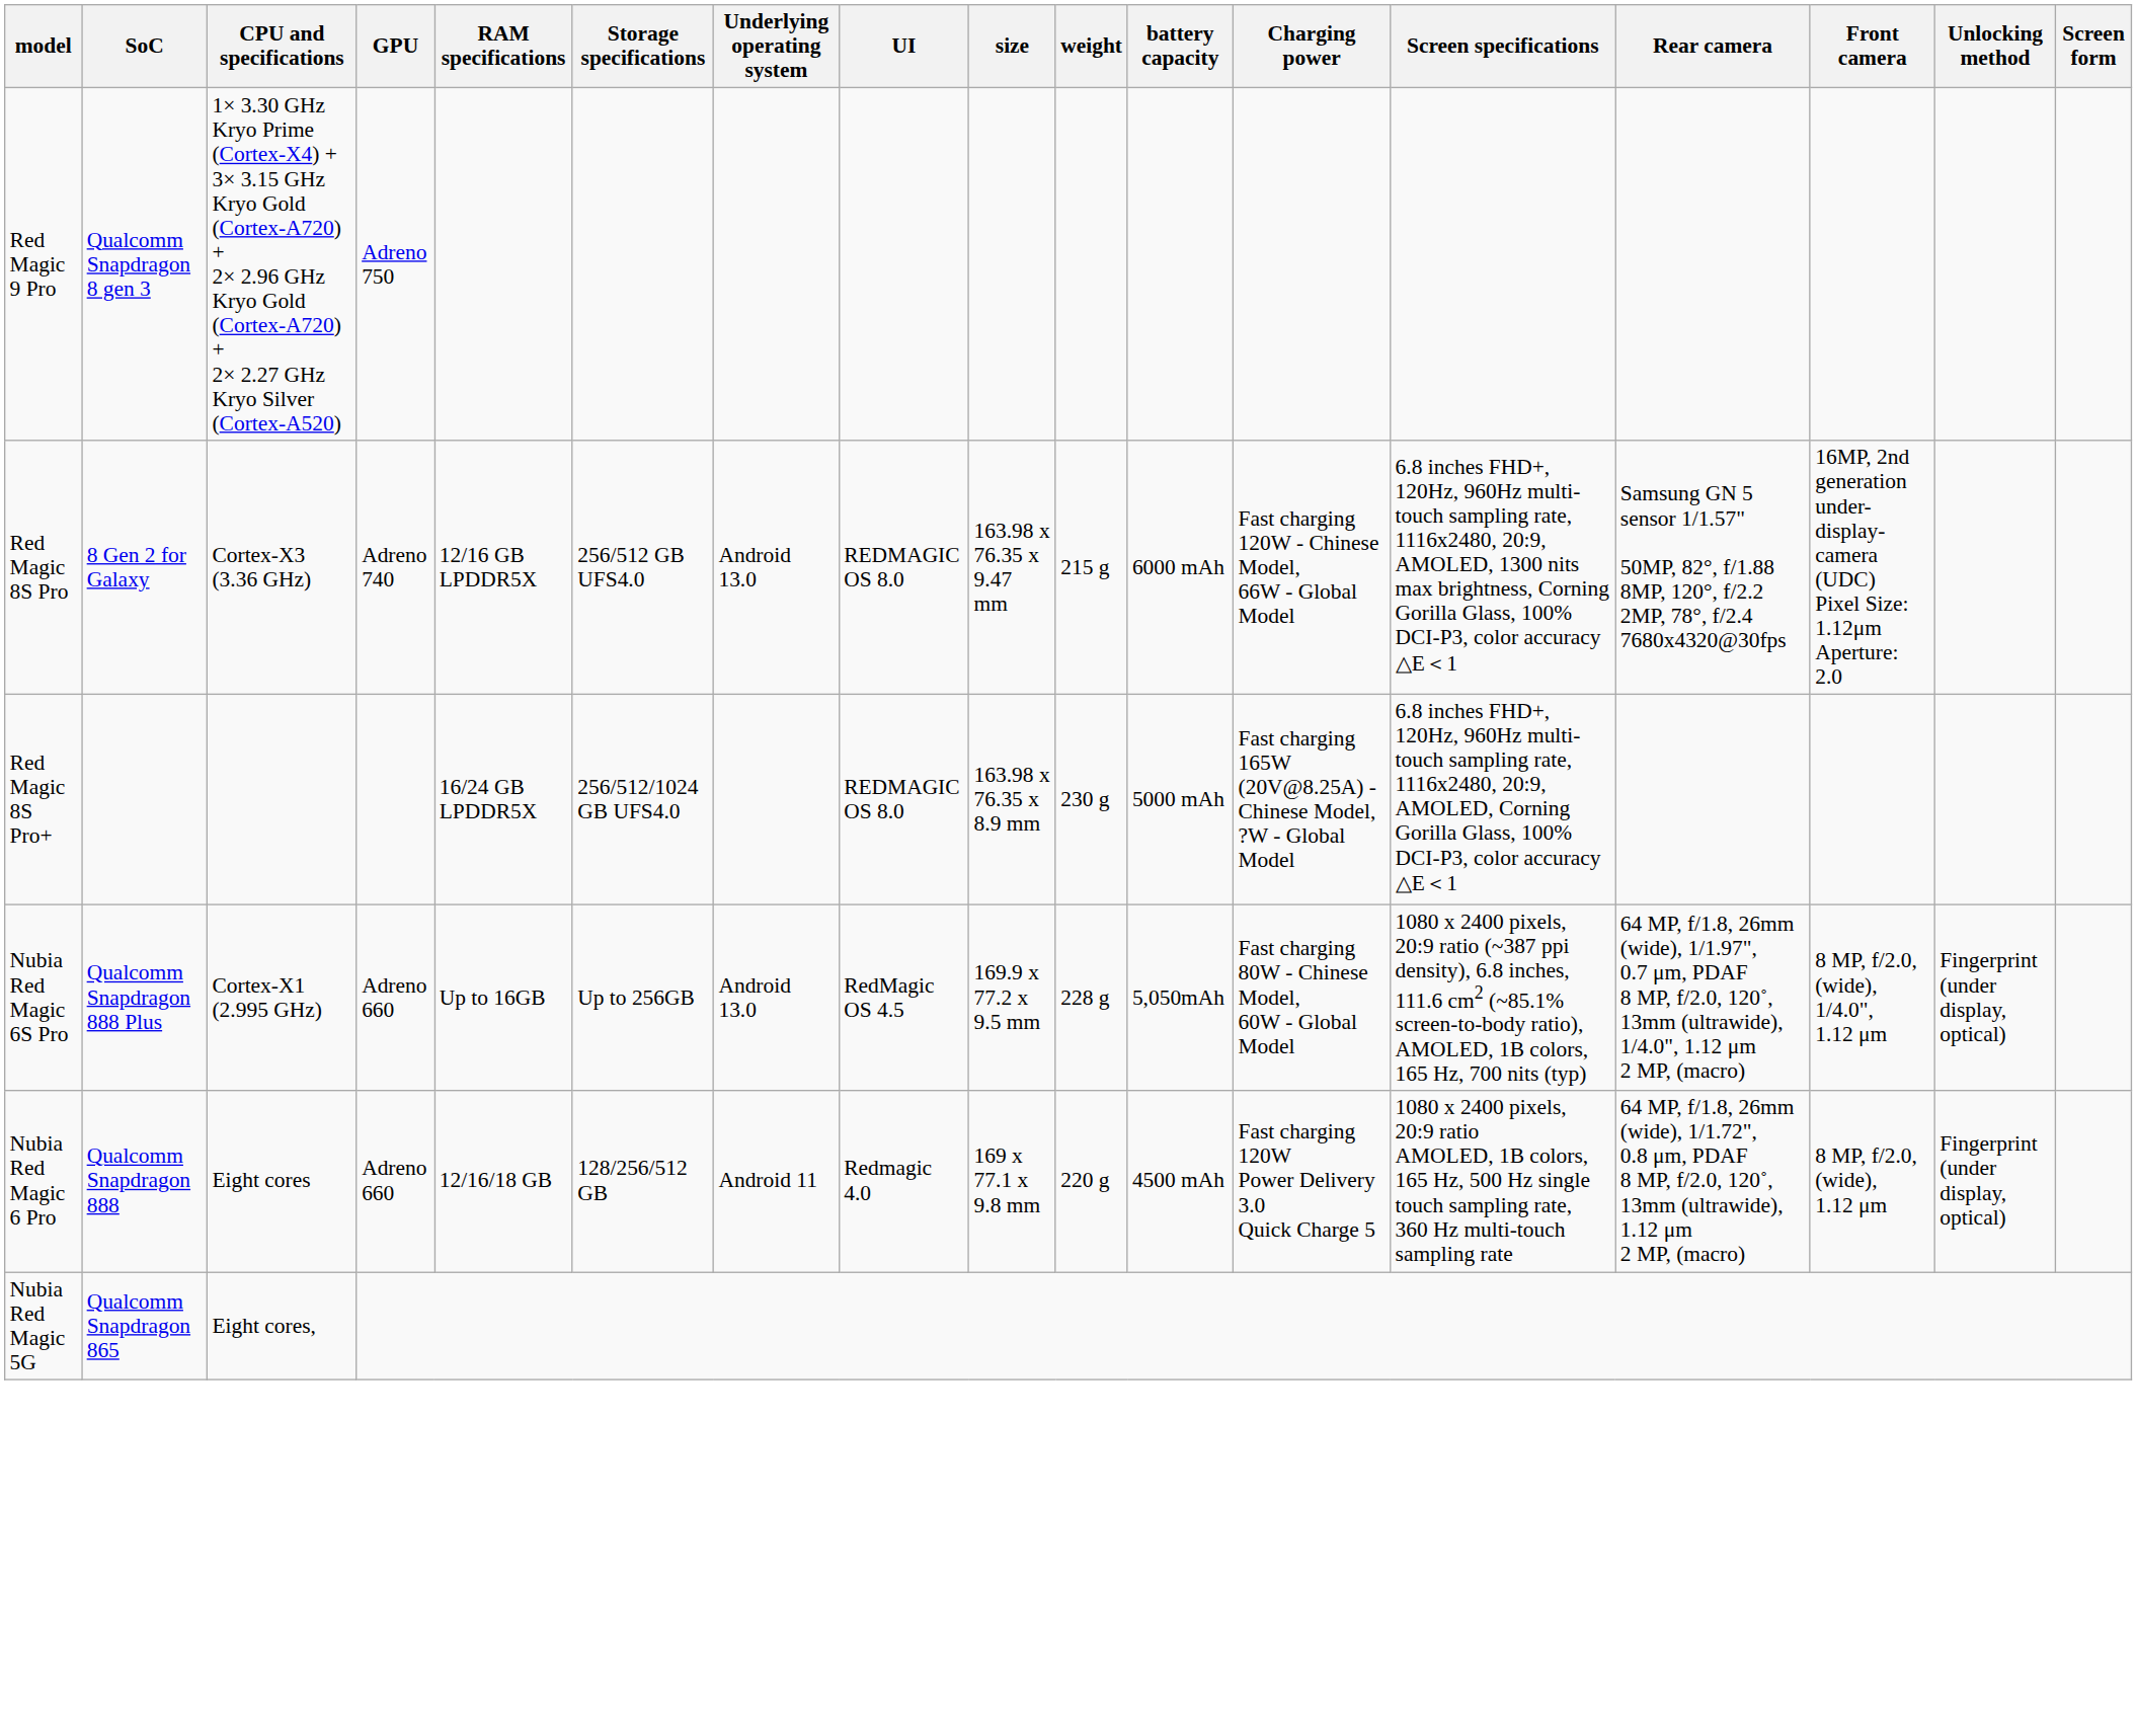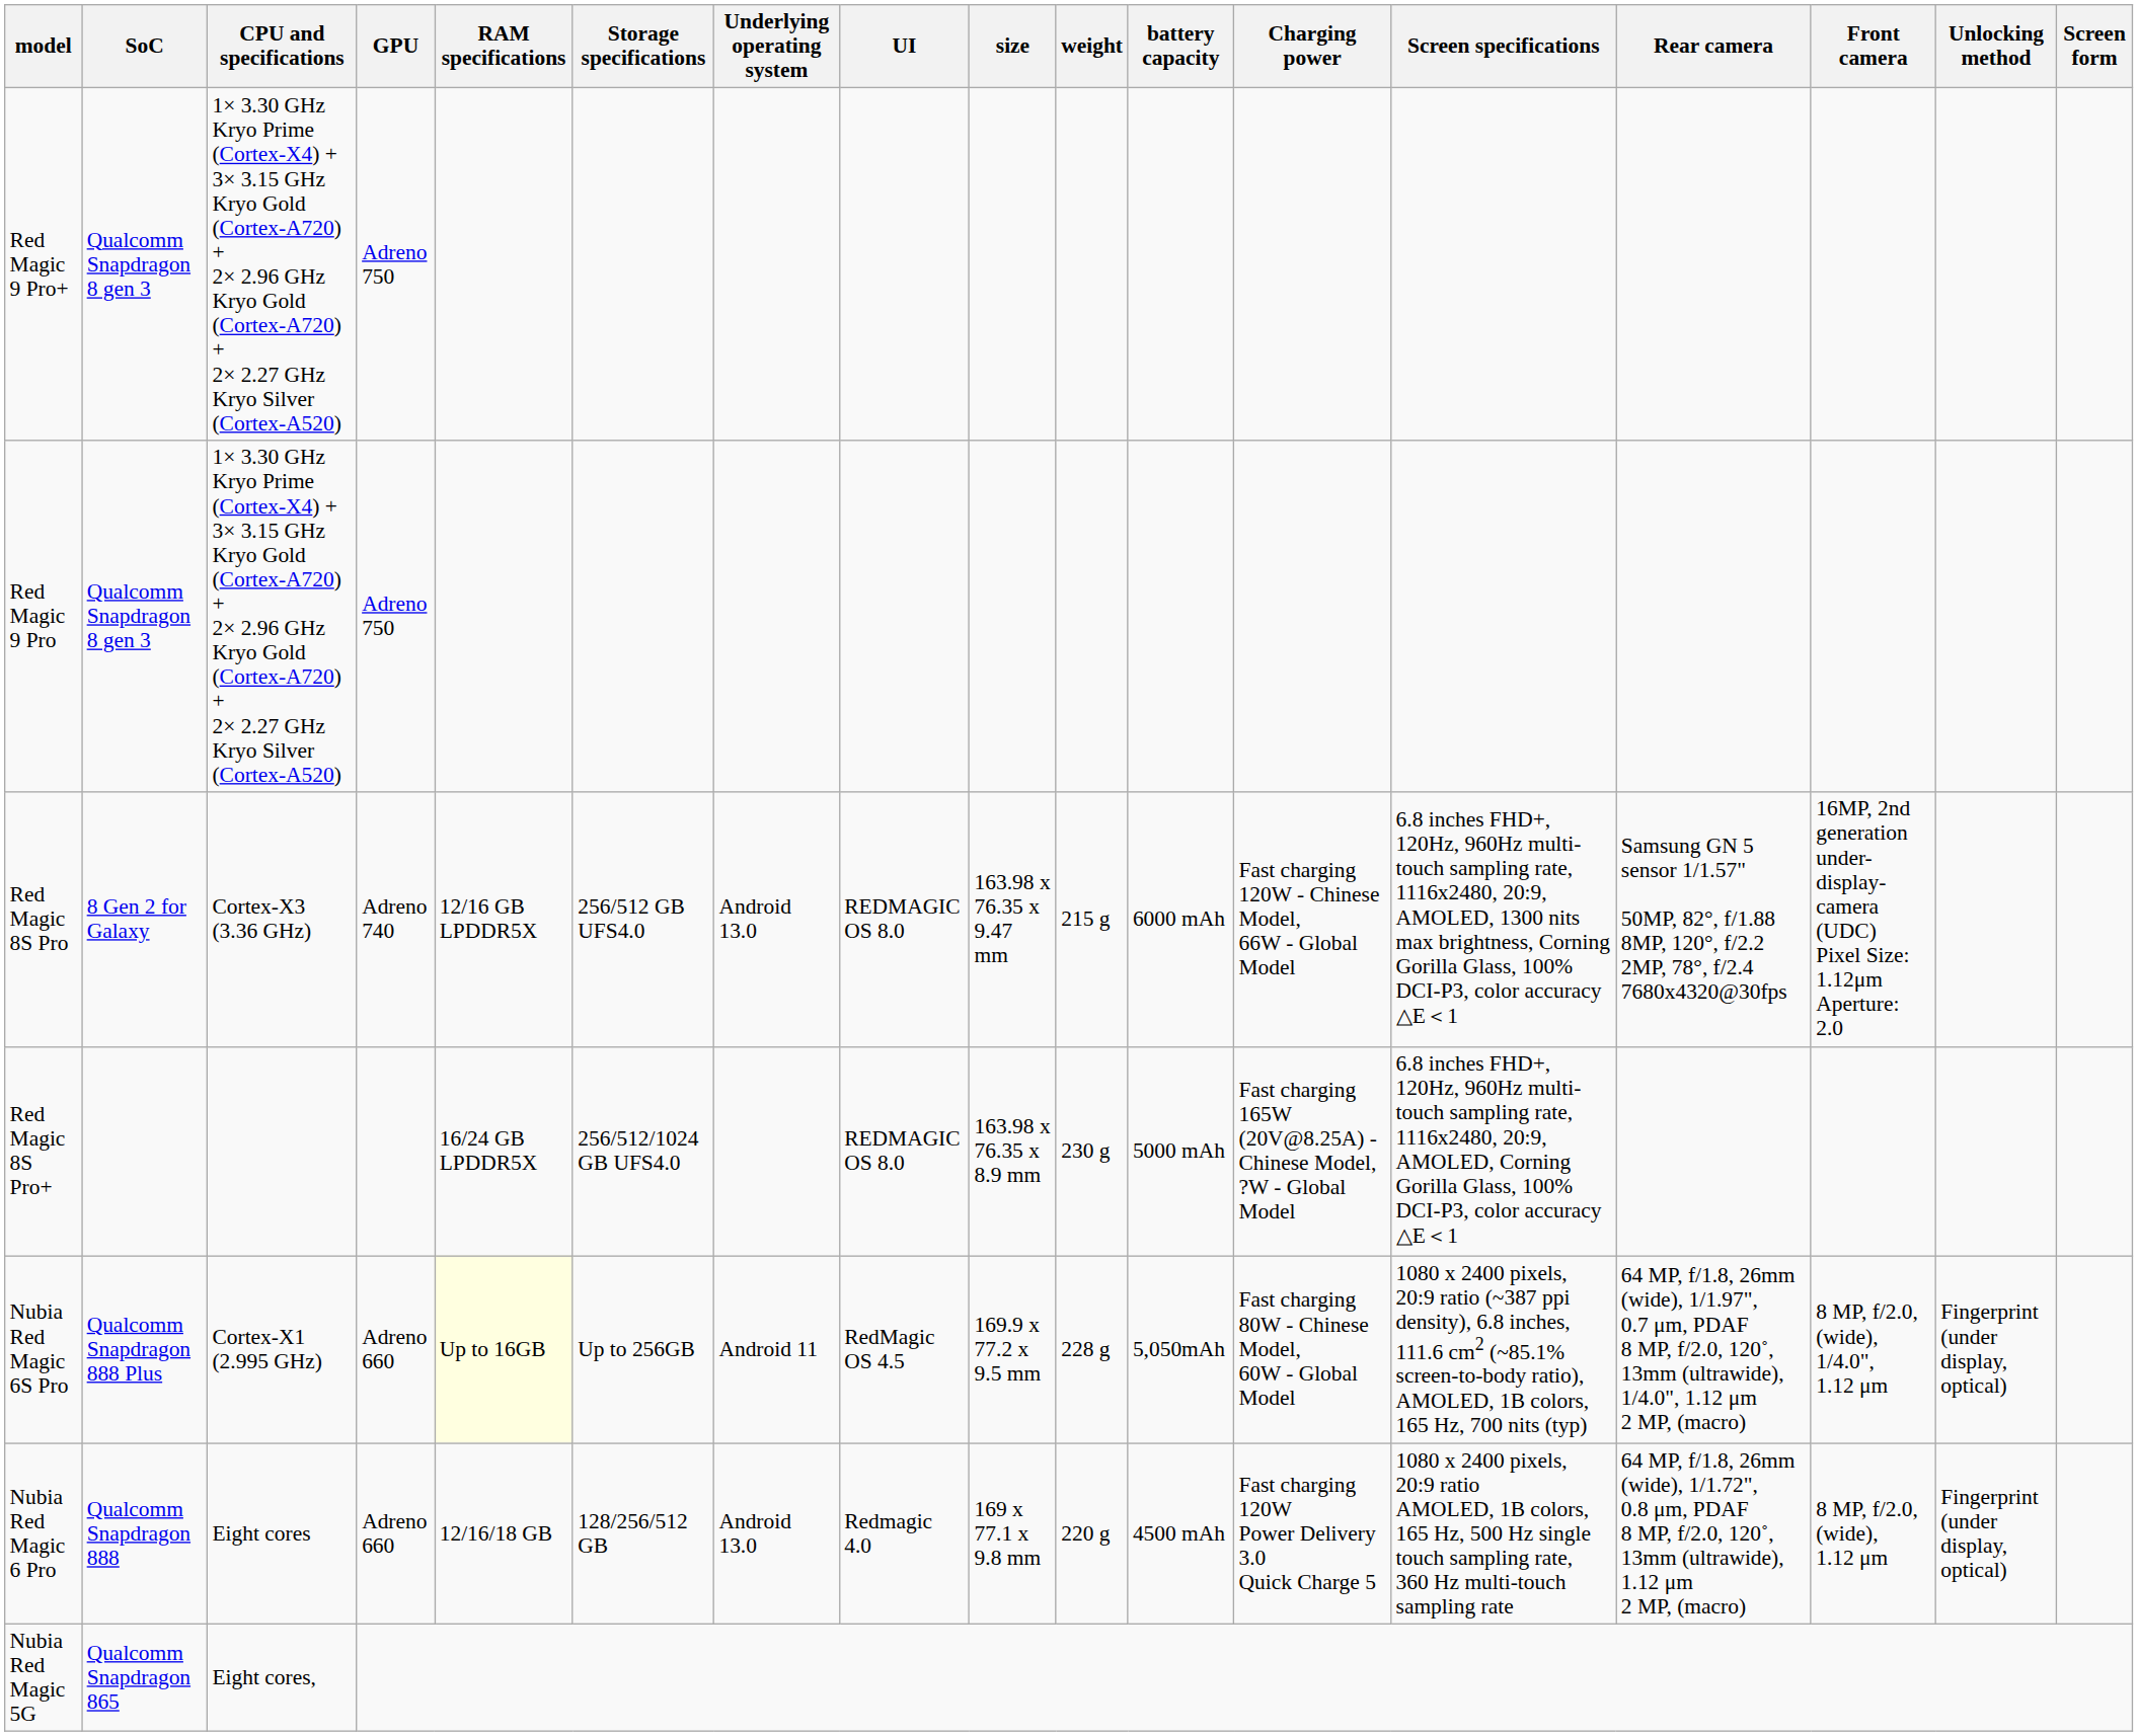 <table class="wikitable sortable">
 <tr>
 <th>model</th>
 <th>SoC</th>
 <th>CPU and specifications</th>
 <th>GPU</th>
 <th>RAM specifications</th>
 <th>Storage specifications</th>
 <th>Underlying operating system</th>
 <th>UI</th>
 <th>size</th>
 <th>weight</th>
 <th>battery capacity</th>
 <th>Charging power</th>
 <th>Screen specifications</th>
 <th>Rear camera</th>
 <th>Front camera</th>
 <th>Unlocking method</th>
 <th>Screen form</th>
+</tr>
+<tr>
+<td>Red Magic 9 Pro+</td>
+<td><a href='#'>Qualcomm Snapdragon 8 gen 3</a></td>
+<td>1× 3.30 GHz Kryo Prime (<a href='#'>Cortex-X4</a>) +<br>3× 3.15 GHz Kryo Gold (<a href='#'>Cortex-A720</a>) +<br>2× 2.96 GHz Kryo Gold (<a href='#'>Cortex-A720</a>) +<br>2× 2.27 GHz Kryo Silver (<a href='#'>Cortex-A520</a>)</td>
+<td><a href='#'>Adreno</a> 750</td>
+<td></td>
+<td></td>
+<td></td>
+<td></td>
+<td></td>
+<td></td>
+<td></td>
+<td></td>
+<td></td>
+<td></td>
+<td></td>
+<td></td>
+<td></td>
 </tr>
 <tr>
 <td>Red Magic 9 Pro</td>
 <td><a href='#'>Qualcomm Snapdragon 8 gen 3</a></td>
 <td>1× 3.30 GHz Kryo Prime (<a href='#'>Cortex-X4</a>) +<br>3× 3.15 GHz Kryo Gold (<a href='#'>Cortex-A720</a>) +<br>2× 2.96 GHz Kryo Gold (<a href='#'>Cortex-A720</a>) +<br>2× 2.27 GHz Kryo Silver (<a href='#'>Cortex-A520</a>)</td>
 <td><a href='#'>Adreno</a> 750</td>
 <td></td>
 <td></td>
 <td></td>
 <td></td>
 <td></td>
 <td></td>
 <td></td>
 <td></td>
 <td></td>
 <td></td>
 <td></td>
 <td></td>
 <td></td>
 </tr>
 <tr>
 <td>Red Magic 8S Pro</td>
 <td><a href='#'>8 Gen 2 for Galaxy</a></td>
 <td>Cortex-X3 (3.36 GHz)</td>
 <td>Adreno 740</td>
 <td>12/16 GB LPDDR5X</td>
 <td>256/512 GB UFS4.0</td>
 <td>Android 13.0</td>
 <td>REDMAGIC OS 8.0</td>
 <td>163.98 x 76.35 x 9.47 mm</td>
 <td>215 g</td>
 <td>6000 mAh</td>
 <td>Fast charging 120W - Chinese Model,<br>66W - Global Model</td>
 <td>6.8 inches FHD+, 120Hz, 960Hz multi-touch sampling rate, 1116x2480, 20:9, AMOLED, 1300 nits max brightness, Corning Gorilla Glass, 100% DCI-P3, color accuracy △E＜1</td>
 <td>Samsung GN 5 sensor 1/1.57"<br><br>50MP, 82°, f/1.88<br> 8MP, 120°, f/2.2<br> 2MP, 78°, f/2.4<br> 7680x4320@30fps</td>
 <td>16MP, 2nd generation under-display-camera (UDC)<br>Pixel Size: 1.12μm<br>Aperture: 2.0</td>
 <td></td>
 <td></td>
 </tr>
 <tr>
 <td>Red Magic 8S Pro+</td>
 <td></td>
 <td></td>
 <td></td>
 <td>16/24 GB LPDDR5X</td>
 <td>256/512/1024 GB UFS4.0</td>
 <td></td>
 <td>REDMAGIC OS 8.0</td>
 <td>163.98 x 76.35 x 8.9 mm</td>
 <td>230 g</td>
 <td>5000 mAh</td>
 <td>Fast charging 165W (20V@8.25A) - Chinese Model,<br>?W - Global Model</td>
 <td>6.8 inches FHD+, 120Hz, 960Hz multi-touch sampling rate, 1116x2480, 20:9, AMOLED, Corning Gorilla Glass, 100% DCI-P3, color accuracy △E＜1</td>
 <td></td>
 <td></td>
 <td></td>
 <td></td>
 </tr>
 <tr>
 <td>Nubia Red Magic 6S Pro</td>
 <td><a href='#'>Qualcomm Snapdragon 888 Plus</a></td>
 <td>Cortex-X1 (2.995 GHz)</td>
 <td>Adreno 660</td>
-<td>Up to 16GB</td>
+<td style="background: lightyellow;">Up to 16GB</td>
 <td>Up to 256GB</td>
-<td>Android 13.0</td>
+<td>Android 11</td>
 <td>RedMagic OS 4.5</td>
 <td>169.9 x 77.2 x 9.5 mm</td>
 <td>228 g</td>
 <td>5,050mAh</td>
 <td>Fast charging 80W - Chinese Model,<br>60W - Global Model</td>
 <td>1080 x 2400 pixels, 20:9 ratio (~387 ppi density), 6.8 inches, 111.6 cm<sup>2</sup> (~85.1% screen-to-body ratio), AMOLED, 1B colors, 165 Hz, 700 nits (typ)</td>
 <td>64 MP, f/1.8, 26mm (wide), 1/1.97", 0.7 μm, PDAF<br>8 MP, f/2.0, 120˚, 13mm (ultrawide), 1/4.0", 1.12 μm<br>2 MP, (macro)</td>
 <td>8 MP, f/2.0, (wide), 1/4.0", 1.12 μm</td>
 <td>Fingerprint (under display, optical)</td>
 <td></td>
 </tr>
 <tr>
 <td>Nubia Red Magic 6 Pro</td>
 <td><a href='#'>Qualcomm Snapdragon 888</a></td>
 <td>Eight cores</td>
 <td>Adreno 660</td>
 <td>12/16/18 GB</td>
 <td>128/256/512 GB</td>
-<td>Android 11</td>
+<td>Android 13.0</td>
 <td>Redmagic 4.0</td>
 <td>169 x 77.1 x 9.8 mm</td>
 <td>220 g</td>
 <td>4500 mAh</td>
 <td>Fast charging 120W<br>Power Delivery 3.0<br>Quick Charge 5</td>
 <td>1080 x 2400 pixels, 20:9 ratio<br>AMOLED, 1B colors, 165 Hz, 500 Hz single touch sampling rate, 360 Hz multi-touch sampling rate</td>
 <td>64 MP, f/1.8, 26mm (wide), 1/1.72", 0.8 μm, PDAF<br>8 MP, f/2.0, 120˚, 13mm (ultrawide), 1.12 μm<br>2 MP, (macro)</td>
 <td>8 MP, f/2.0, (wide), 1.12 μm</td>
 <td>Fingerprint (under display, optical)</td>
 <td></td>
 </tr>
 <tr>
 <td>Nubia Red Magic 5G</td>
 <td><a href='#'>Qualcomm Snapdragon 865</a></td>
 <td>Eight cores,<br></td>
 </tr>
 </table>
